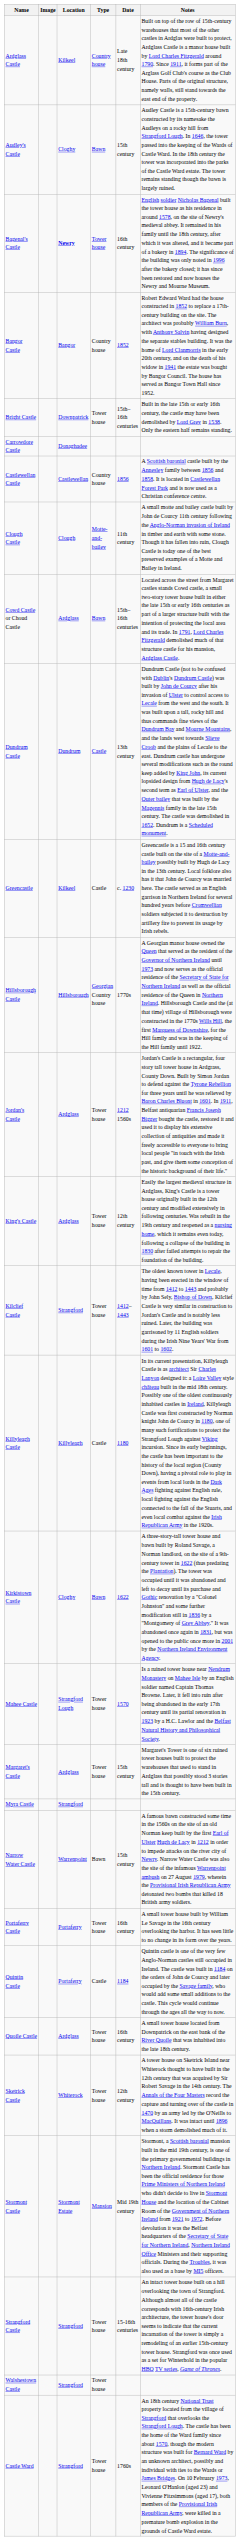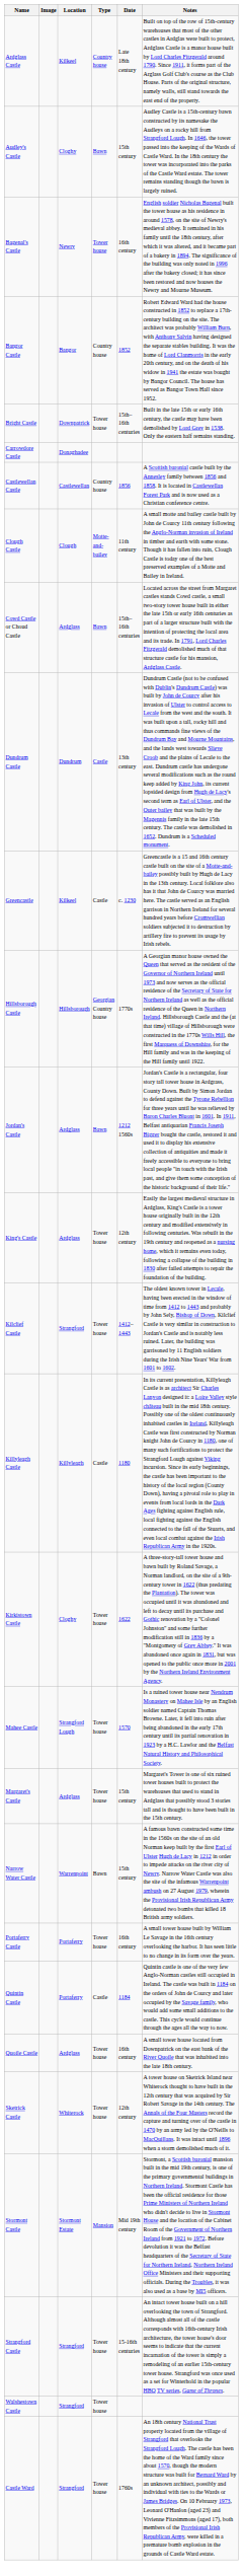 <table class="wikitable sortable" style="font-size:95%;border:0px;text-align:left;line-height:150%;">
 <tr>
 <th>Name</th>
 <th>Image</th>
 <th>Location</th>
 <th>Type</th>
 <th>Date</th>
 <th class="unsortable">Notes</th>
 </tr>
 <tr>
 <td><a href='#'>Ardglass Castle</a></td>
 <td></td>
 <td><a href='#'>Kilkeel</a> </td>
 <td><a href='#'>Country house</a></td>
 <td>Late 18th century</td>
 <td>Built on top of the row of 15th-century warehouses that most of the other castles in Ardglas were built to protect, Ardglass Castle is a manor house built by <a href='#'>Lord Charles Fitzgerald</a> around <a href='#'>1790</a>. Since <a href='#'>1911</a>, it forms part of the Arglass Golf Club's course as the Club House. Parts of the original structure, namely walls, still stand towards the east end of the property.</td>
 </tr>
 <tr>
 <td><a href='#'>Audley's Castle</a></td>
 <td></td>
 <td><a href='#'>Cloghy</a> </td>
 <td><a href='#'>Bawn</a></td>
 <td>15th century</td>
 <td>Audley Castle is a 15th-century bawn constructed by its namesake the Audleys on a rocky hill  from <a href='#'>Strangford Lough</a>. In <a href='#'>1646</a>, the tower passed into the keeping of the Wards of Castle Ward. In the 18th century the tower was incorporated into the parks of the Castle Ward estate. The tower remains standing though the bawn is largely ruined.</td>
 </tr>
 <tr>
 <td><a href='#'>Bagenal's Castle</a></td>
 <td></td>
-<td><strong><a href='#'>Newry</a> </strong></td>
+<td><a href='#'>Newry</a> </td>
 <td><a href='#'>Tower house</a></td>
 <td>16th century</td>
 <td><a href='#'>English</a> <a href='#'>soldier</a> <a href='#'>Nicholas Bagenal</a> built the tower house as his residence in around <a href='#'>1578</a>, on the site of Newry's medieval abbey. It remained in his family until the 18th century, after which it was altered, and it became part of a bakery in <a href='#'>1894</a>. The significance of the building was only noted in <a href='#'>1996</a> after the bakery closed; it has since been restored and now houses the Newry and Mourne Museum.</td>
 </tr>
 <tr>
 <td><a href='#'>Bangor Castle</a></td>
 <td></td>
 <td><a href='#'>Bangor</a> </td>
 <td>Country house</td>
 <td><a href='#'>1852</a></td>
 <td>Robert Edward Ward had the house constructed in <a href='#'>1852</a> to replace a 17th-century building on the site. The architect was probably <a href='#'>William Burn</a>, with <a href='#'>Anthony Salvin</a> having designed the separate stables building. It was the home of <a href='#'>Lord Clanmorris</a> in the early 20th century, and on the death of his widow in <a href='#'>1941</a> the estate was bought by Bangor Council. The house has served as Bangor Town Hall since 1952.</td>
 </tr>
 <tr>
 <td><a href='#'>Bright Castle</a></td>
 <td></td>
 <td><a href='#'>Downpatrick</a> </td>
 <td>Tower house</td>
 <td>15th–16th centuries</td>
 <td>Built in the late 15th or early 16th century, the castle may have been demolished by <a href='#'>Lord Grey</a> in <a href='#'>1538</a>. Only the eastern half remains standing.</td>
 </tr>
 <tr>
 <td><a href='#'>Carrowdore Castle</a></td>
 <td></td>
 <td><a href='#'>Donaghadee</a> </td>
 <td></td>
 <td></td>
 <td></td>
 </tr>
 <tr>
 <td><a href='#'>Castlewellan Castle</a></td>
 <td></td>
 <td><a href='#'>Castlewellan</a> </td>
 <td>Country house</td>
 <td><a href='#'>1856</a></td>
 <td>A <a href='#'>Scottish baronial</a> castle built by the <a href='#'>Annesley</a> family between <a href='#'>1856</a> and <a href='#'>1858</a>. It is located in <a href='#'>Castlewellan Forest Park</a> and is now used as a Christian conference centre.</td>
 </tr>
 <tr>
 <td><a href='#'>Clough Castle</a></td>
 <td></td>
 <td><a href='#'>Clough</a> </td>
 <td><a href='#'>Motte-and-bailey</a></td>
 <td>11th century</td>
 <td>A small motte and bailey castle built by John de Courcy 11th century following the <a href='#'>Anglo-Norman invasion of Ireland</a> in timber and earth with some stone. Though it has fallen into ruin, Clough Castle is today one of the best preserved examples of a Motte and Bailey in Ireland.</td>
 </tr>
 <tr>
 <td><a href='#'>Cowd Castle</a> or Choud Castle</td>
 <td></td>
 <td><a href='#'>Ardglass</a> </td>
 <td><a href='#'>Bawn</a></td>
 <td>15th–16th centuries</td>
 <td>Located across the street from Margaret castles stands Cowd castle, a small two-story tower house built in either the late 15th or early 16th centuries as part of a larger structure built with the intention of protecting the local area and its trade. In <a href='#'>1791</a>, <a href='#'>Lord Charles Fitzgerald</a> demolished much of that structure castle for his mansion, <a href='#'>Ardglass Castle</a>.</td>
 </tr>
 <tr>
 <td><a href='#'>Dundrum Castle</a></td>
 <td></td>
 <td><a href='#'>Dundrum</a> </td>
 <td><a href='#'>Castle</a></td>
 <td>13th century</td>
 <td>Dundrum Castle (not to be confused with <a href='#'>Dublin</a>'s <a href='#'>Dundrum Castle</a>) was built by <a href='#'>John de Courcy</a> after his invasion of <a href='#'>Ulster</a> to control access to <a href='#'>Lecale</a> from the west and the south. It was built upon a tall, rocky hill and thus commands fine views of the <a href='#'>Dundrum Bay</a> and <a href='#'>Mourne Mountains</a>, and the lands west towards <a href='#'>Slieve Croob</a> and the plains of Lecale to the east. Dundrum castle has undergone several modifications such as the round keep added by <a href='#'>King John</a>, its current lopsided design from <a href='#'>Hugh de Lacy</a>'s second term as <a href='#'>Earl of Ulster</a>, and the <a href='#'>Outer bailey</a> that was built by the <a href='#'>Magennis</a> family in the late 15th century. The castle was demolished in <a href='#'>1652</a>. Dundrum is a <a href='#'>Scheduled monument</a>.</td>
 </tr>
 <tr>
 <td><a href='#'>Greencastle</a></td>
 <td></td>
 <td><a href='#'>Kilkeel</a> </td>
 <td>Castle</td>
 <td>c. <a href='#'>1230</a></td>
 <td>Greencastle is a 15 and 16th century castle built on the site of a <a href='#'>Motte-and-bailey</a> possibly built by Hugh de Lacy in the 13th century. Local folklore also has it that John de Courcy was married here. The castle served as an English garrison in Northern Ireland for several hundred years before <a href='#'>Cromwellian</a> soldiers subjected it to destruction by artillery fire to prevent its usage by Irish rebels.</td>
 </tr>
 <tr>
 <td><a href='#'>Hillsborough Castle</a></td>
 <td></td>
 <td><a href='#'>Hillsborough</a> </td>
 <td><a href='#'>Georgian</a> Country house</td>
 <td>1770s</td>
 <td>A Georgian manor house owned the <a href='#'>Queen</a> that served as the resident of the <a href='#'>Governor of Northern Ireland</a> until <a href='#'>1973</a> and now serves as the official residence of the <a href='#'>Secretary of State for Northern Ireland</a> as well as the official residence of the Queen in <a href='#'>Northern Ireland</a>. Hillsborough Castle and the (at that time) village of Hillsborough were constructed in the 1770s <a href='#'>Wills Hill</a>, the first <a href='#'>Marquess of Downshire</a>, for the Hill family and was in the keeping of the Hill family until 1922.</td>
 </tr>
 <tr>
 <td><a href='#'>Jordan's Castle</a></td>
 <td></td>
 <td><a href='#'>Ardglass</a> </td>
-<td>Tower house</td>
+<td><a href='#'>Bawn</a></td>
 <td><a href='#'>1212</a><br>1560s</td>
 <td>Jordan's Castle is a rectangular, four story tall tower house in Ardgrass, County Down. Built by Simon Jordan to defend against the <a href='#'>Tyrone Rebellion</a> for three years until he was relieved by <a href='#'>Baron Charles Bluont</a> in <a href='#'>1601</a>. In <a href='#'>1911</a>, Belfast antiquarian <a href='#'>Francis Joseph Bigger</a> bought the castle, restored it and used it to display his extensive collection of antiquities and made it freely accessible to everyone to bring local people "in touch with the Irish past, and give them some conception of the historic background of their life."</td>
 </tr>
 <tr>
 <td><a href='#'>King's Castle</a></td>
 <td></td>
 <td><a href='#'>Ardglass</a> </td>
 <td>Tower house</td>
 <td>12th century</td>
 <td>Easily the largest medieval structure in Ardglass, King's Castle is a tower house originally built in the 12th century and modified extensively in following centuries. Was rebuilt in the 19th century and reopened as a <a href='#'>nursing home</a>, which it remains even today, following a collapse of the building in <a href='#'>1830</a> after failed attempts to repair the foundation of the building.</td>
 </tr>
 <tr>
 <td><a href='#'>Kilclief Castle</a></td>
 <td></td>
 <td><a href='#'>Strangford</a> </td>
 <td>Tower house</td>
 <td><a href='#'>1412</a>–<a href='#'>1443</a></td>
 <td>The oldest known tower in <a href='#'>Lecale</a>, having been erected in the window of time from <a href='#'>1412</a> to <a href='#'>1443</a> and probably by John Sely, <a href='#'>Bishop of Down</a>, Kilclief Castle is very similar in construction to Jordan's Castle and is notably less ruined. Later, the building was garrisoned by 11 English soldiers during the Irish Nine Years' War from <a href='#'>1601</a> to <a href='#'>1602</a>.</td>
 </tr>
 <tr>
 <td><a href='#'>Killyleagh Castle</a></td>
 <td></td>
 <td><a href='#'>Killyleagh</a> </td>
 <td>Castle</td>
 <td><a href='#'>1180</a></td>
 <td>In its current presentation, Killyleagh Castle is as <a href='#'>architect</a> Sir <a href='#'>Charles Lanyon</a> designed it: a <a href='#'>Loire Valley</a> style <a href='#'>château</a> built in the mid 18th century. Possibly one of the oldest continuously inhabited castles in <a href='#'>Ireland</a>, Killyleagh Castle was first constructed by Norman knight John de Courcy in <a href='#'>1180</a>, one of many such fortifications to protect the Strangford Lough against <a href='#'>Viking</a> incursion. Since its early beginnings, the castle has been important to the history of the local region (County Down), having a pivotal role to play in events from local lords in the <a href='#'>Dark Ages</a> fighting against English rule, local fighting against the English connected to the fall of the Stuarts, and even local combat against the <a href='#'>Irish Republican Army</a> in the 1920s.</td>
 </tr>
 <tr>
 <td><a href='#'>Kirkistown Castle</a></td>
 <td></td>
 <td><a href='#'>Cloghy</a> </td>
-<td><a href='#'>Bawn</a></td>
+<td>Tower house</td>
 <td><a href='#'>1622</a></td>
 <td>A three-story-tall tower house and bawn built by Roland Savage, a Norman landlord, on the site of a 9th-century tower in <a href='#'>1622</a> (thus predating the <a href='#'>Plantation</a>). The tower was occupied until it was abandoned and left to decay until its purchase and <a href='#'>Gothic</a> renovation by a "Colonel Johnston" and some further modification still in <a href='#'>1836</a> by a "Montgomery of <a href='#'>Grey Abbey</a>." It was abandoned once again in <a href='#'>1831</a>, but was opened to the public once more in <a href='#'>2001</a> by the <a href='#'>Northern Ireland Environment Agency</a>.</td>
 </tr>
 <tr>
 <td><a href='#'>Mahee Castle</a></td>
 <td></td>
 <td><a href='#'>Strangford Lough</a> </td>
 <td>Tower house</td>
 <td><a href='#'>1570</a></td>
 <td>Is a ruined tower house near <a href='#'>Nendrum Monastery</a> on <a href='#'>Mahee Isle</a> by an English soldier named Captain Thomas Browne. Later, it fell into ruin after being abandoned in the early 17th century until its partial renovation in <a href='#'>1923</a> by a H.C. Lawlor and the <a href='#'>Belfast Natural History and Philosophical Society</a>.</td>
 </tr>
 <tr>
 <td><a href='#'>Margaret's Castle</a></td>
 <td></td>
 <td><a href='#'>Ardglass</a> </td>
 <td>Tower house</td>
 <td>15th century</td>
 <td>Margaret's Tower is one of six ruined tower houses built to protect the warehouses that used to stand in Ardglass that possibly stood 3 stories tall and is thought to have been built in the 15th century.</td>
-</tr>
-<tr>
-<td><a href='#'>Myra Castle</a></td>
-<td></td>
-<td><a href='#'>Strangford</a> </td>
-<td></td>
-<td></td>
-<td></td>
 </tr>
 <tr>
 <td><a href='#'>Narrow Water Castle</a></td>
 <td></td>
 <td><a href='#'>Warrenpoint</a> </td>
 <td>Bawn</td>
 <td>15th century</td>
 <td>A famous bawn constructed some time in the 1560s on the site of an old Norman keep built by the first <a href='#'>Earl of Ulster</a> <a href='#'>Hugh de Lacy</a> in <a href='#'>1212</a> in order to impede attacks on the river city of <a href='#'>Newry</a>. Narrow Water Castle was also the site of the infamous <a href='#'>Warrenpoint ambush</a> on 27 August <a href='#'>1979</a>, wherein the <a href='#'>Provisional Irish Republican Army</a> detonated two bombs that killed 18 British army soldiers.</td>
 </tr>
 <tr>
 <td><a href='#'>Portaferry Castle</a></td>
 <td></td>
 <td><a href='#'>Portaferry</a> </td>
 <td>Tower house</td>
 <td>16th century</td>
 <td>A small tower house built by William Le Savage in the 16th century overlooking the harbor. It has seen little to no change in its form over the years.</td>
 </tr>
 <tr>
 <td><a href='#'>Quintin Castle</a></td>
 <td></td>
 <td><a href='#'>Portaferry</a> </td>
 <td>Castle</td>
 <td><a href='#'>1184</a></td>
 <td>Quintin castle is one of the very few Anglo-Norman castles still occupied in Ireland. The castle was built in <a href='#'>1184</a> on the orders of John de Courcy and later occupied by the <a href='#'>Savage family</a>, who would add some small additions to the castle. This cycle would continue through the ages all the way to now.</td>
 </tr>
 <tr>
 <td><a href='#'>Quoile Castle</a></td>
 <td></td>
 <td><a href='#'>Ardglass</a> </td>
 <td>Tower house</td>
 <td>16th century</td>
 <td>A small tower house located  from Downpatrick on the east bank of the <a href='#'>River Quoile</a> that was inhabited into the late 18th century.</td>
 </tr>
 <tr>
 <td><a href='#'>Sketrick Castle</a></td>
 <td></td>
 <td><a href='#'>Whiterock</a> </td>
 <td>Tower house</td>
 <td>12th century</td>
 <td>A tower house on Sketrick Island near Whiterock thought to have built in the 12th century that was acquired by Sir Robert Savage in the 14th century. The <a href='#'>Annals of the Four Masters</a> record the capture and turning over of the castle in <a href='#'>1470</a> by an army led by the O'Neills to <a href='#'>MacQuillans</a>. It was intact until <a href='#'>1896</a> when a storm demolished much of it.</td>
 </tr>
 <tr>
 <td><a href='#'>Stormont Castle</a></td>
 <td></td>
 <td><a href='#'>Stormont Estate</a> </td>
 <td><a href='#'>Mansion</a></td>
 <td>Mid 19th century</td>
 <td>Stormont, a <a href='#'>Scottish baronial</a> mansion built in the mid 19th century, is one of the primary governmental buildings in <a href='#'>Northern Ireland</a>. Stormont Castle has been the official residence for those <a href='#'>Prime Ministers of Northern Ireland</a> who didn't decide to live in <a href='#'>Stormont House</a> and the location of the Cabinet Room of the <a href='#'>Government of Northern Ireland</a> from <a href='#'>1921</a> to <a href='#'>1972</a>. Before devolution it was the Belfast headquarters of the <a href='#'>Secretary of State for Northern Ireland</a>, <a href='#'>Northern Ireland Office</a> Ministers and their supporting officials. During the <a href='#'>Troubles</a>, it was also used as a base by <a href='#'>MI5</a> officers.</td>
 </tr>
 <tr>
 <td><a href='#'>Strangford Castle</a></td>
 <td></td>
 <td><a href='#'>Strangford</a> </td>
 <td>Tower house</td>
 <td>15-16th centuries</td>
 <td>An intact tower house built on a hill overlooking the town of Strangford. Although almost all of the castle corresponds with 16th-century Irish architecture, the tower house's door seems to indicate that the current incarnation of the tower is simply a remodeling of an earlier 15th-century tower house. Strangford was once used as a set for Winterhold in the popular <a href='#'>HBO</a> <a href='#'>TV series</a>, <em><a href='#'>Game of Thrones</a></em>.</td>
 </tr>
 <tr>
 <td><a href='#'>Walshestown Castle</a></td>
 <td></td>
 <td><a href='#'>Strangford</a> </td>
 <td>Tower house</td>
 <td></td>
 <td></td>
 </tr>
 <tr>
 <td><a href='#'>Castle Ward</a></td>
 <td></td>
 <td><a href='#'>Strangford</a> </td>
 <td>Tower house</td>
 <td>1760s</td>
 <td>An 18th century <a href='#'>National Trust</a> property located  from the village of <a href='#'>Strangford</a> that overlooks the <a href='#'>Strangford Lough</a>. The castle has been the home of the Ward family since about <a href='#'>1570</a>, though the modern structure was built for <a href='#'>Bernard Ward</a> by an unknown architect, possibly and individual with ties to the Wards or <a href='#'>James Bridges</a>. On 10 February <a href='#'>1973</a>, Leonard O'Hanlon (aged 23) and Vivienne Fitzsimmons (aged 17), both members of the <a href='#'>Provisional Irish Republican Army</a>, were killed in a premature bomb explosion in the grounds of Castle Ward estate.</td>
 </tr>
 </table>
